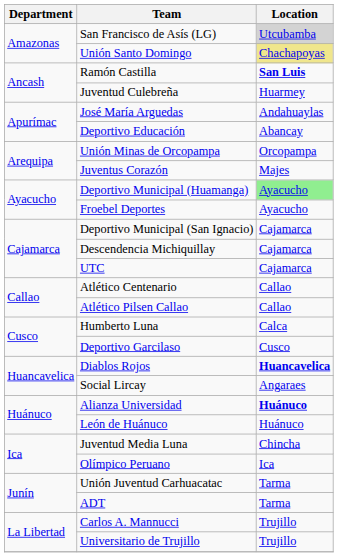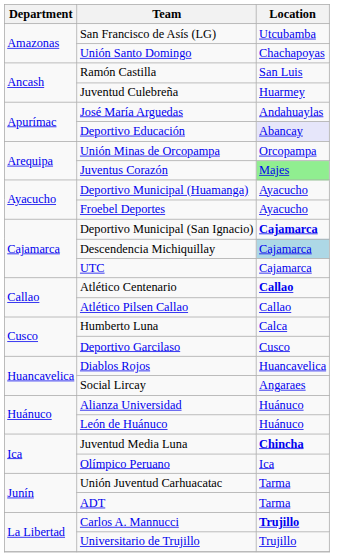 <table class="wikitable">
 <tr>
 <th>Department</th>
 <th>Team</th>
 <th>Location</th>
 </tr>
 <tr>
 <td rowspan="2"><a href='#'>Amazonas</a></td>
 <td>San Francisco de Asís (LG)</td>
-<td style="background: lightgrey;"><a href='#'>Utcubamba</a></td>
+<td><a href='#'>Utcubamba</a></td>
 </tr>
 <tr>
 <td><a href='#'>Unión Santo Domingo</a></td>
-<td style="background: khaki;"><a href='#'>Chachapoyas</a></td>
+<td><a href='#'>Chachapoyas</a></td>
 </tr>
 <tr>
 <td rowspan="2"><a href='#'>Ancash</a></td>
 <td>Ramón Castilla</td>
-<td><strong><a href='#'>San Luis</a></strong></td>
+<td><a href='#'>San Luis</a></td>
 </tr>
 <tr>
 <td>Juventud Culebreña</td>
 <td><a href='#'>Huarmey</a></td>
 </tr>
 <tr>
 <td rowspan="2"><a href='#'>Apurímac</a></td>
 <td><a href='#'>José María Arguedas</a></td>
 <td><a href='#'>Andahuaylas</a></td>
 </tr>
 <tr>
 <td><a href='#'>Deportivo Educación</a></td>
-<td><a href='#'>Abancay</a></td>
+<td style="background: lavender;"><a href='#'>Abancay</a></td>
 </tr>
 <tr>
 <td rowspan="2"><a href='#'>Arequipa</a></td>
 <td><a href='#'>Unión Minas de Orcopampa</a></td>
 <td><a href='#'>Orcopampa</a></td>
 </tr>
 <tr>
 <td><a href='#'>Juventus Corazón</a></td>
-<td><a href='#'>Majes</a></td>
+<td style="background: lightgreen;"><a href='#'>Majes</a></td>
 </tr>
 <tr>
 <td rowspan="2"><a href='#'>Ayacucho</a></td>
 <td><a href='#'>Deportivo Municipal (Huamanga)</a></td>
-<td style="background: lightgreen;"><a href='#'>Ayacucho</a></td>
+<td><a href='#'>Ayacucho</a></td>
 </tr>
 <tr>
 <td><a href='#'>Froebel Deportes</a></td>
 <td><a href='#'>Ayacucho</a></td>
 </tr>
 <tr>
 <td rowspan="3"><a href='#'>Cajamarca</a></td>
 <td>Deportivo Municipal (San Ignacio)</td>
-<td><a href='#'>Cajamarca</a></td>
+<td><strong><a href='#'>Cajamarca</a></strong></td>
 </tr>
 <tr>
 <td>Descendencia Michiquillay</td>
-<td><a href='#'>Cajamarca</a></td>
+<td style="background: lightblue;"><a href='#'>Cajamarca</a></td>
 </tr>
 <tr>
 <td><a href='#'>UTC</a></td>
 <td><a href='#'>Cajamarca</a></td>
 </tr>
 <tr>
 <td rowspan="2"><a href='#'>Callao</a></td>
 <td>Atlético Centenario</td>
-<td><a href='#'>Callao</a></td>
+<td><strong><a href='#'>Callao</a></strong></td>
 </tr>
 <tr>
 <td><a href='#'>Atlético Pilsen Callao</a></td>
 <td><a href='#'>Callao</a></td>
 </tr>
 <tr>
 <td rowspan="2"><a href='#'>Cusco</a></td>
 <td>Humberto Luna</td>
 <td><a href='#'>Calca</a></td>
 </tr>
 <tr>
 <td><a href='#'>Deportivo Garcilaso</a></td>
 <td><a href='#'>Cusco</a></td>
 </tr>
 <tr>
 <td rowspan="2"><a href='#'>Huancavelica</a></td>
 <td><a href='#'>Diablos Rojos</a></td>
-<td><strong><a href='#'>Huancavelica</a></strong></td>
+<td><a href='#'>Huancavelica</a></td>
 </tr>
 <tr>
 <td>Social Lircay</td>
 <td><a href='#'>Angaraes</a></td>
 </tr>
 <tr>
 <td rowspan="2"><a href='#'>Huánuco</a></td>
 <td><a href='#'>Alianza Universidad</a></td>
-<td><strong><a href='#'>Huánuco</a></strong></td>
+<td><a href='#'>Huánuco</a></td>
 </tr>
 <tr>
 <td><a href='#'>León de Huánuco</a></td>
 <td><a href='#'>Huánuco</a></td>
 </tr>
 <tr>
 <td rowspan="2"><a href='#'>Ica</a></td>
 <td>Juventud Media Luna</td>
-<td><a href='#'>Chincha</a></td>
+<td><strong><a href='#'>Chincha</a></strong></td>
 </tr>
 <tr>
 <td><a href='#'>Olímpico Peruano</a></td>
 <td><a href='#'>Ica</a></td>
 </tr>
 <tr>
 <td rowspan="2"><a href='#'>Junín</a></td>
 <td>Unión Juventud Carhuacatac</td>
 <td><a href='#'>Tarma</a></td>
 </tr>
 <tr>
 <td><a href='#'>ADT</a></td>
 <td><a href='#'>Tarma</a></td>
 </tr>
 <tr>
 <td rowspan="2"><a href='#'>La Libertad</a></td>
 <td><a href='#'>Carlos A. Mannucci</a></td>
-<td><a href='#'>Trujillo</a></td>
+<td><strong><a href='#'>Trujillo</a></strong></td>
 </tr>
 <tr>
 <td><a href='#'>Universitario de Trujillo</a></td>
 <td><a href='#'>Trujillo</a></td>
 </tr>
 <tr>
 </tr>
 </table>
